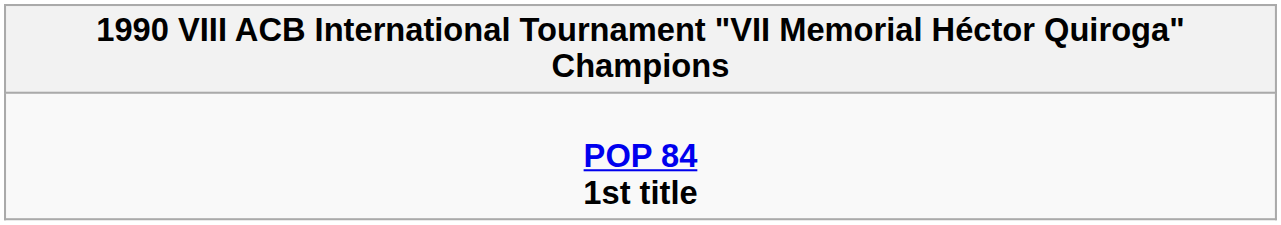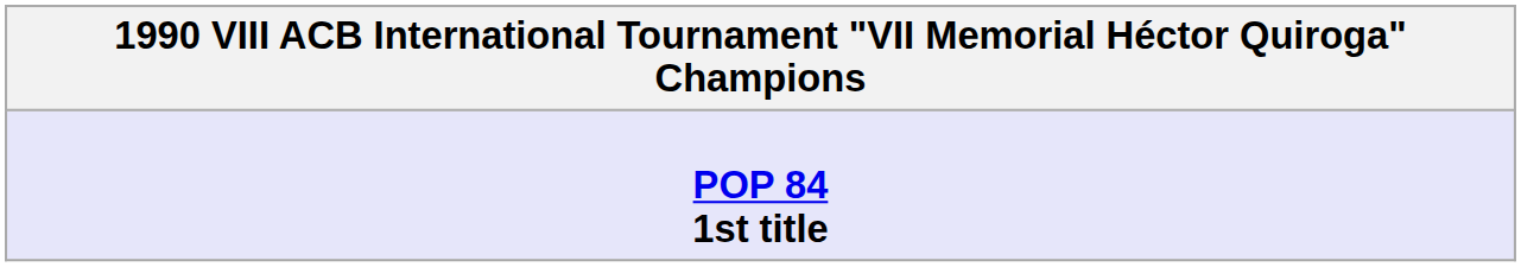 <table class=wikitable style="text-align:center; margin:auto">
 <tr>
 <th>1990 VIII ACB International Tournament "VII Memorial Héctor Quiroga" Champions</th>
 </tr>
 <tr>
-<td><br> <strong><a href='#'>POP 84</a></strong> <br> <strong>1st title</strong></td>
+<td style="background: lavender;"><br> <strong><a href='#'>POP 84</a></strong> <br> <strong>1st title</strong></td>
 </tr>
 </table>
